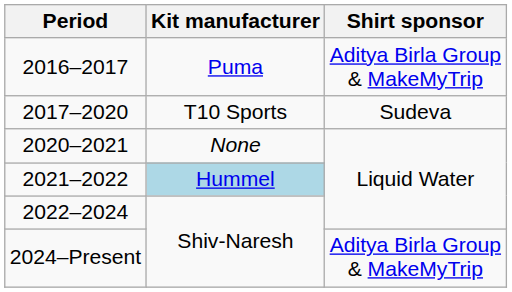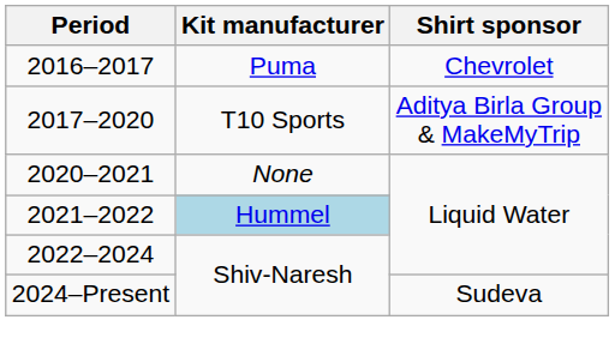 <table class="wikitable" style="text-align:center;margin-left:1em;float:center">
 <tr>
 <th>Period</th>
 <th>Kit manufacturer</th>
 <th>Shirt sponsor</th>
 </tr>
 <tr>
 <td>2016–2017</td>
 <td><a href='#'>Puma</a></td>
-<td><a href='#'>Aditya Birla Group</a><br>& <a href='#'>MakeMyTrip</a></td>
+<td rowspan=1><a href='#'>Chevrolet</a></td>
 </tr>
 <tr>
 <td>2017–2020</td>
 <td>T10 Sports</td>
-<td>Sudeva</td>
+<td><a href='#'>Aditya Birla Group</a><br>& <a href='#'>MakeMyTrip</a></td>
 </tr>
 <tr>
 <td>2020–2021</td>
 <td><em>None</em></td>
 <td rowspan="3">Liquid Water</td>
 </tr>
 <tr>
 <td>2021–2022</td>
 <td style="background: lightblue;"><a href='#'>Hummel</a></td>
 </tr>
 <tr>
 <td>2022–2024</td>
 <td rowspan="2">Shiv-Naresh</td>
 </tr>
 <tr>
 <td>2024–Present</td>
-<td><a href='#'>Aditya Birla Group</a><br>& <a href='#'>MakeMyTrip</a></td>
+<td>Sudeva</td>
 </tr>
 </table>
